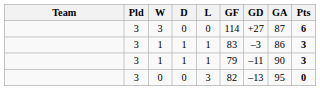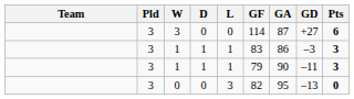 <table class="wikitable" style="text-align: center;">
 <tr>
 <th width="180">Team</th>
 <th width="30">Pld</th>
 <th width="30">W</th>
 <th width="30">D</th>
 <th width="30">L</th>
 <th width="30">GF</th>
+<th width="30">GA</th>
 <th width="30">GD</th>
-<th width="30">GA</th>
 <th width="30">Pts</th>
 </tr>
 <tr>
 <td align="left"></td>
 <td>3</td>
 <td>3</td>
 <td>0</td>
 <td>0</td>
 <td>114</td>
+<td>87</td>
 <td>+27</td>
-<td>87</td>
 <td><strong>6</strong></td>
 </tr>
 <tr>
 <td align="left"></td>
 <td>3</td>
 <td>1</td>
 <td>1</td>
 <td>1</td>
 <td>83</td>
+<td>86</td>
 <td>–3</td>
-<td>86</td>
 <td><strong>3</strong></td>
 </tr>
 <tr>
 <td align="left"></td>
 <td>3</td>
 <td>1</td>
 <td>1</td>
 <td>1</td>
 <td>79</td>
+<td>90</td>
 <td>–11</td>
-<td>90</td>
 <td><strong>3</strong></td>
 </tr>
 <tr>
 <td align="left"></td>
 <td>3</td>
 <td>0</td>
 <td>0</td>
 <td>3</td>
 <td>82</td>
+<td>95</td>
 <td>–13</td>
-<td>95</td>
 <td><strong>0</strong></td>
 </tr>
 </table>
